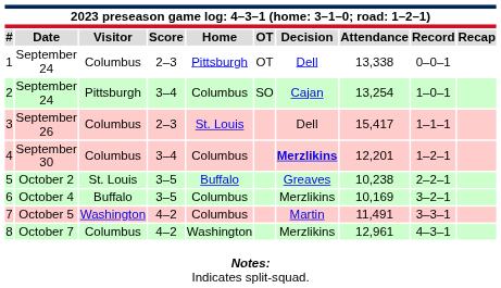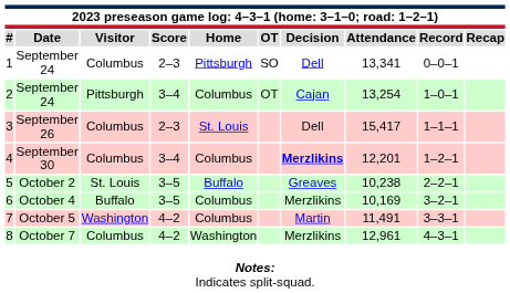 <table class="toccolours collapsible collapsed" style="width:90%; clear:both; margin:1.5em auto; text-align:center;">
 <tr>
 <th colspan="10" style="background:#FFFFFF; border-top:#002654 5px solid; border-bottom:#CE1126 5px solid;">2023 preseason game log: 4–3–1 (home: 3–1–0; road: 1–2–1)</th>
 </tr>
 <tr style="background:#ddd;">
 <th>#</th>
 <th>Date</th>
 <th>Visitor</th>
 <th>Score</th>
 <th>Home</th>
 <th>OT</th>
 <th>Decision</th>
 <th>Attendance</th>
 <th>Record</th>
 <th>Recap</th>
 </tr>
 <tr style="background:#fff;">
 <td>1</td>
 <td>September 24</td>
 <td>Columbus</td>
 <td>2–3</td>
 <td><a href='#'>Pittsburgh</a></td>
-<td>OT</td>
+<td>SO</td>
 <td><a href='#'>Dell</a></td>
-<td>13,338</td>
+<td>13,341</td>
 <td>0–0–1</td>
 <td></td>
 </tr>
 <tr style="background:#cfc;">
 <td>2</td>
 <td>September 24</td>
 <td>Pittsburgh</td>
 <td>3–4</td>
 <td>Columbus</td>
-<td>SO</td>
+<td>OT</td>
 <td><a href='#'>Cajan</a></td>
 <td>13,254</td>
 <td>1–0–1</td>
 <td></td>
 </tr>
 <tr style="background:#fcc;">
 <td>3</td>
 <td>September 26</td>
 <td>Columbus</td>
 <td>2–3</td>
 <td><a href='#'>St. Louis</a></td>
 <td></td>
 <td>Dell</td>
 <td>15,417</td>
 <td>1–1–1</td>
 <td></td>
 </tr>
 <tr style="background:#fcc;">
 <td>4</td>
 <td>September 30</td>
 <td>Columbus</td>
 <td>3–4</td>
 <td>Columbus</td>
 <td></td>
 <td><strong><a href='#'>Merzlikins</a></strong></td>
 <td>12,201</td>
 <td>1–2–1</td>
 <td></td>
 </tr>
 <tr style="background:#cfc;">
 <td>5</td>
 <td>October 2</td>
 <td>St. Louis</td>
 <td>3–5</td>
 <td><a href='#'>Buffalo</a></td>
 <td></td>
 <td><a href='#'>Greaves</a></td>
 <td>10,238</td>
 <td>2–2–1</td>
 <td></td>
 </tr>
 <tr style="background:#cfc;">
 <td>6</td>
 <td>October 4</td>
 <td>Buffalo</td>
 <td>3–5</td>
 <td>Columbus</td>
 <td></td>
 <td>Merzlikins</td>
 <td>10,169</td>
 <td>3–2–1</td>
 <td></td>
 </tr>
 <tr style="background:#fcc;">
 <td>7</td>
 <td>October 5</td>
 <td><a href='#'>Washington</a></td>
 <td>4–2</td>
 <td>Columbus</td>
 <td></td>
 <td><a href='#'>Martin</a></td>
 <td>11,491</td>
 <td>3–3–1</td>
 <td></td>
 </tr>
 <tr style="background:#cfc;">
 <td>8</td>
 <td>October 7</td>
 <td>Columbus</td>
 <td>4–2</td>
 <td>Washington</td>
 <td></td>
 <td>Merzlikins</td>
 <td>12,961</td>
 <td>4–3–1</td>
 <td></td>
 </tr>
 <tr>
 <td colspan="10" style="text-align:center;"><br><strong><em>Notes:</em></strong><br>  Indicates split-squad.</td>
 </tr>
 </table>
